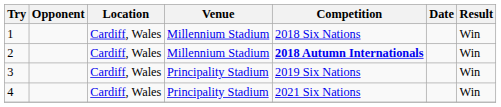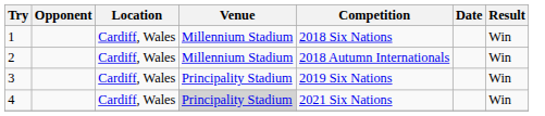 <table class="wikitable sortable">
 <tr>
 <th>Try</th>
 <th>Opponent</th>
 <th>Location</th>
 <th>Venue</th>
 <th>Competition</th>
 <th>Date</th>
 <th>Result</th>
 </tr>
 <tr>
 <td>1</td>
 <td></td>
 <td><a href='#'>Cardiff</a>, Wales</td>
 <td><a href='#'>Millennium Stadium</a></td>
 <td><a href='#'>2018 Six Nations</a></td>
 <td></td>
 <td>Win</td>
 </tr>
 <tr>
 <td>2</td>
 <td></td>
 <td><a href='#'>Cardiff</a>, Wales</td>
 <td><a href='#'>Millennium Stadium</a></td>
-<td><strong><a href='#'>2018 Autumn Internationals</a></strong></td>
+<td><a href='#'>2018 Autumn Internationals</a></td>
 <td></td>
 <td>Win</td>
 </tr>
 <tr>
 <td>3</td>
 <td></td>
 <td><a href='#'>Cardiff</a>, Wales</td>
 <td><a href='#'>Principality Stadium</a></td>
 <td><a href='#'>2019 Six Nations</a></td>
 <td></td>
 <td>Win</td>
 </tr>
 <tr>
 <td>4</td>
 <td></td>
 <td><a href='#'>Cardiff</a>, Wales</td>
-<td><a href='#'>Principality Stadium</a></td>
+<td style="background: lightgrey;"><a href='#'>Principality Stadium</a></td>
 <td><a href='#'>2021 Six Nations</a></td>
 <td></td>
 <td>Win</td>
 </tr>
 <tr>
 </tr>
 </table>
